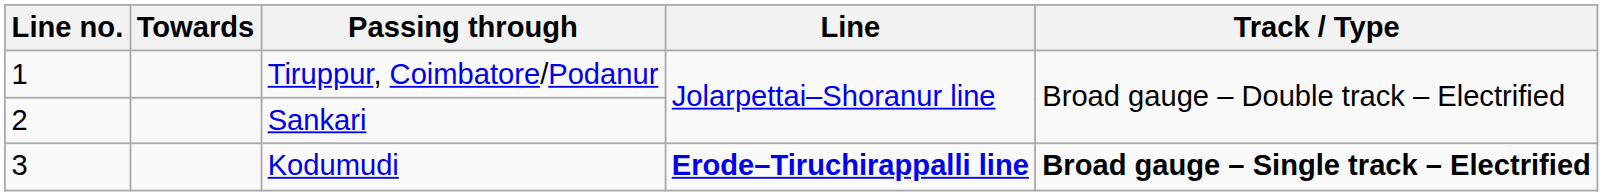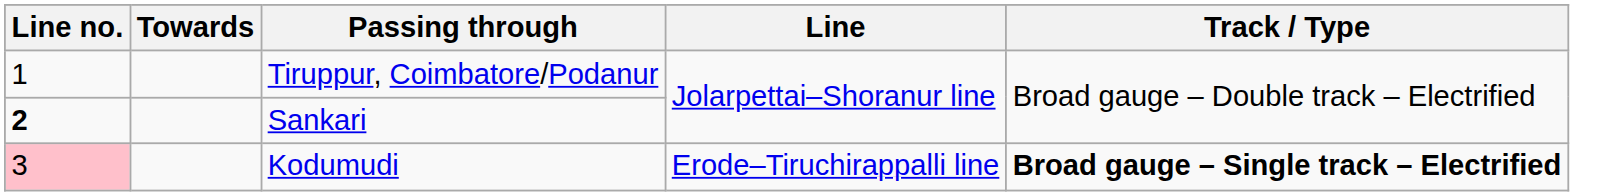 <table class="wikitable">
 <tr>
 <th>Line no.</th>
 <th>Towards</th>
 <th>Passing through</th>
 <th>Line</th>
 <th>Track / Type</th>
 </tr>
 <tr>
 <td>1</td>
 <td></td>
 <td><a href='#'>Tiruppur</a>, <a href='#'>Coimbatore</a>/<a href='#'>Podanur</a></td>
 <td rowspan="2"><a href='#'>Jolarpettai–Shoranur line</a></td>
 <td rowspan="2">Broad gauge – Double track – Electrified</td>
 </tr>
 <tr>
-<td>2</td>
+<td><strong>2</strong></td>
 <td></td>
 <td><a href='#'>Sankari</a></td>
 </tr>
 <tr>
-<td>3</td>
+<td style="background: pink;">3</td>
 <td></td>
 <td><a href='#'>Kodumudi</a></td>
-<td><strong><a href='#'>Erode–Tiruchirappalli line</a></strong></td>
+<td><a href='#'>Erode–Tiruchirappalli line</a></td>
 <td><strong>Broad gauge – Single track – Electrified</strong></td>
 </tr>
 </table>
